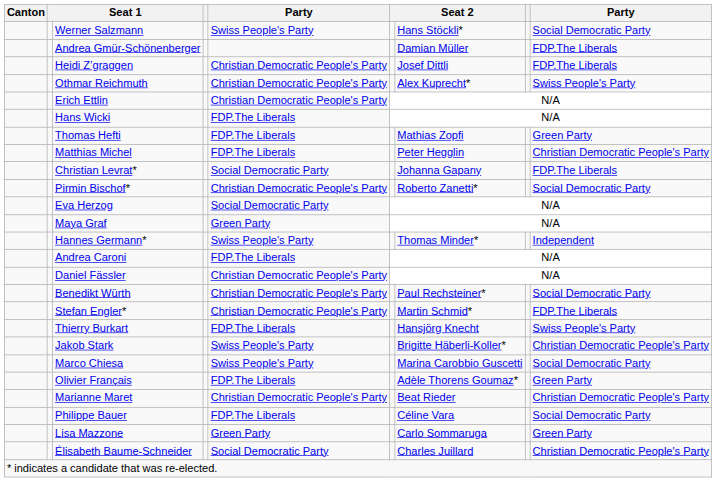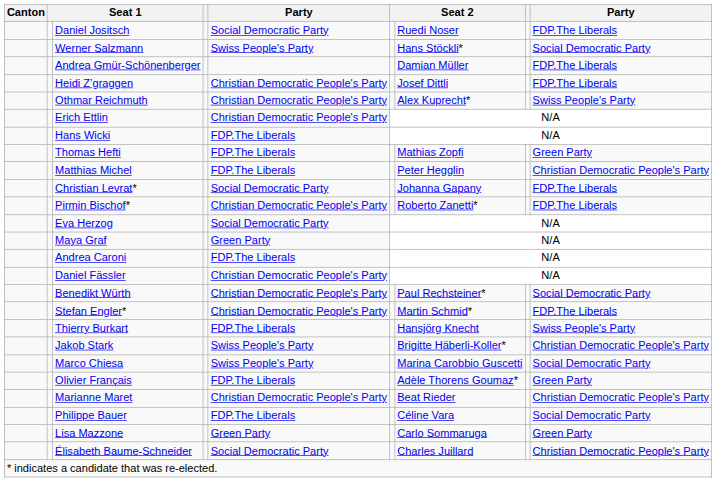 <table class="wikitable sortable">
 <tr>
 <th>Canton</th>
 <th colspan=2>Seat 1</th>
 <th></th>
 <th>Party</th>
 <th colspan=2>Seat 2</th>
 <th></th>
 <th>Party</th>
+</tr>
+<tr>
+<td></td>
+<td style="background-color:"></td>
+<td><a href='#'>Daniel Jositsch</a></td>
+<td></td>
+<td><a href='#'>Social Democratic Party</a></td>
+<td style="background-color:"></td>
+<td><a href='#'>Ruedi Noser</a></td>
+<td></td>
+<td><a href='#'>FDP.The Liberals</a></td>
 </tr>
 <tr>
 <td></td>
 <td style="background-color:"></td>
 <td><a href='#'>Werner Salzmann</a></td>
 <td></td>
 <td><a href='#'>Swiss People's Party</a></td>
 <td style="background-color:"></td>
 <td><a href='#'>Hans Stöckli</a>*</td>
 <td></td>
 <td><a href='#'>Social Democratic Party</a></td>
 </tr>
 <tr>
 <td></td>
 <td style="background-color:"></td>
 <td><a href='#'>Andrea Gmür-Schönenberger</a></td>
 <td></td>
 <td></td>
 <td style="background-color:"></td>
 <td><a href='#'>Damian Müller</a></td>
 <td></td>
 <td><a href='#'>FDP.The Liberals</a></td>
 </tr>
 <tr>
 <td></td>
 <td style="background-color:"></td>
 <td><a href='#'>Heidi Z’graggen</a></td>
 <td></td>
 <td><a href='#'>Christian Democratic People's Party</a></td>
 <td style="background-color:"></td>
 <td><a href='#'>Josef Dittli</a></td>
 <td></td>
 <td><a href='#'>FDP.The Liberals</a></td>
 </tr>
 <tr>
 <td></td>
 <td style="background-color:"></td>
 <td><a href='#'>Othmar Reichmuth</a></td>
 <td></td>
 <td><a href='#'>Christian Democratic People's Party</a></td>
 <td style="background-color:"></td>
 <td><a href='#'>Alex Kuprecht</a>*</td>
 <td></td>
 <td><a href='#'>Swiss People's Party</a></td>
 </tr>
 <tr>
 <td></td>
 <td style="background-color:"></td>
 <td><a href='#'>Erich Ettlin</a></td>
 <td></td>
 <td><a href='#'>Christian Democratic People's Party</a></td>
 <td colspan="4" style="background:white; text-align:center;">N/A</td>
 </tr>
 <tr>
 <td></td>
 <td style="background-color:"></td>
 <td><a href='#'>Hans Wicki</a></td>
 <td></td>
 <td><a href='#'>FDP.The Liberals</a></td>
 <td colspan="4" style="background:white; text-align:center;">N/A</td>
 </tr>
 <tr>
 <td></td>
 <td style="background-color:"></td>
 <td><a href='#'>Thomas Hefti</a></td>
 <td></td>
 <td><a href='#'>FDP.The Liberals</a></td>
 <td style="background-color:"></td>
 <td><a href='#'>Mathias Zopfi</a></td>
 <td></td>
 <td><a href='#'>Green Party</a></td>
 </tr>
 <tr>
 <td></td>
 <td style="background-color:"></td>
 <td><a href='#'>Matthias Michel</a></td>
 <td></td>
 <td><a href='#'>FDP.The Liberals</a></td>
 <td style="background-color:"></td>
 <td><a href='#'>Peter Hegglin</a></td>
 <td></td>
 <td><a href='#'>Christian Democratic People's Party</a></td>
 </tr>
 <tr>
 <td></td>
 <td style="background-color:"></td>
 <td><a href='#'>Christian Levrat</a>*</td>
 <td></td>
 <td><a href='#'>Social Democratic Party</a></td>
 <td style="background-color:"></td>
 <td><a href='#'>Johanna Gapany</a></td>
 <td></td>
 <td><a href='#'>FDP.The Liberals</a></td>
 </tr>
 <tr>
 <td></td>
 <td style="background-color:"></td>
 <td><a href='#'>Pirmin Bischof</a>*</td>
 <td></td>
 <td><a href='#'>Christian Democratic People's Party</a></td>
 <td style="background-color:"></td>
 <td><a href='#'>Roberto Zanetti</a>*</td>
 <td></td>
-<td><a href='#'>Social Democratic Party</a></td>
+<td><a href='#'>FDP.The Liberals</a></td>
 </tr>
 <tr>
 <td></td>
 <td style="background-color:"></td>
 <td><a href='#'>Eva Herzog</a></td>
 <td></td>
 <td><a href='#'>Social Democratic Party</a></td>
 <td colspan="4" style="background:white; text-align:center;">N/A</td>
 </tr>
 <tr>
 <td></td>
 <td style="background-color:"></td>
 <td><a href='#'>Maya Graf</a></td>
 <td></td>
 <td><a href='#'>Green Party</a></td>
 <td colspan="4" style="background:white; text-align:center;">N/A</td>
-</tr>
-<tr>
-<td></td>
-<td style="background-color:"></td>
-<td><a href='#'>Hannes Germann</a>*</td>
-<td></td>
-<td><a href='#'>Swiss People's Party</a></td>
-<td style="background-color:"></td>
-<td><a href='#'>Thomas Minder</a>*</td>
-<td></td>
-<td><a href='#'>Independent</a></td>
 </tr>
 <tr>
 <td></td>
 <td style="background-color:"></td>
 <td><a href='#'>Andrea Caroni</a></td>
 <td></td>
 <td><a href='#'>FDP.The Liberals</a></td>
 <td colspan="4" style="background:white; text-align:center;">N/A</td>
 </tr>
 <tr>
 <td></td>
 <td style="background-color:"></td>
 <td><a href='#'>Daniel Fässler</a></td>
 <td></td>
 <td><a href='#'>Christian Democratic People's Party</a></td>
 <td colspan="4" style="background:white; text-align:center;">N/A</td>
 </tr>
 <tr>
 <td></td>
 <td style="background-color:"></td>
 <td><a href='#'>Benedikt Würth</a></td>
 <td></td>
 <td><a href='#'>Christian Democratic People's Party</a></td>
 <td style="background-color:"></td>
 <td><a href='#'>Paul Rechsteiner</a>*</td>
 <td></td>
 <td><a href='#'>Social Democratic Party</a></td>
 </tr>
 <tr>
 <td></td>
 <td style="background-color:"></td>
 <td><a href='#'>Stefan Engler</a>*</td>
 <td></td>
 <td><a href='#'>Christian Democratic People's Party</a></td>
 <td style="background-color:"></td>
 <td><a href='#'>Martin Schmid</a>*</td>
 <td></td>
 <td><a href='#'>FDP.The Liberals</a></td>
 </tr>
 <tr>
 <td></td>
 <td style="background-color:"></td>
 <td><a href='#'>Thierry Burkart</a></td>
 <td></td>
 <td><a href='#'>FDP.The Liberals</a></td>
 <td style="background-color:"></td>
 <td><a href='#'>Hansjörg Knecht</a></td>
 <td></td>
 <td><a href='#'>Swiss People's Party</a></td>
 </tr>
 <tr>
 <td></td>
 <td style="background-color:"></td>
 <td><a href='#'>Jakob Stark</a></td>
 <td></td>
 <td><a href='#'>Swiss People's Party</a></td>
 <td style="background-color:"></td>
 <td><a href='#'>Brigitte Häberli-Koller</a>*</td>
 <td></td>
 <td><a href='#'>Christian Democratic People's Party</a></td>
 </tr>
 <tr>
 <td></td>
 <td style="background-color:"></td>
 <td><a href='#'>Marco Chiesa</a></td>
 <td></td>
 <td><a href='#'>Swiss People's Party</a></td>
 <td style="background-color:"></td>
 <td><a href='#'>Marina Carobbio Guscetti</a></td>
 <td></td>
 <td><a href='#'>Social Democratic Party</a></td>
 </tr>
 <tr>
 <td></td>
 <td style="background-color:"></td>
 <td><a href='#'>Olivier Français</a></td>
 <td></td>
 <td><a href='#'>FDP.The Liberals</a></td>
 <td style="background-color:"></td>
 <td><a href='#'>Adèle Thorens Goumaz</a>*</td>
 <td></td>
 <td><a href='#'>Green Party</a></td>
 </tr>
 <tr>
 <td></td>
 <td style="background-color:"></td>
 <td><a href='#'>Marianne Maret</a></td>
 <td></td>
 <td><a href='#'>Christian Democratic People's Party</a></td>
 <td style="background-color:"></td>
 <td><a href='#'>Beat Rieder</a></td>
 <td></td>
 <td><a href='#'>Christian Democratic People's Party</a></td>
 </tr>
 <tr>
 <td></td>
 <td style="background-color:"></td>
 <td><a href='#'>Philippe Bauer</a></td>
 <td></td>
 <td><a href='#'>FDP.The Liberals</a></td>
 <td style="background-color:"></td>
 <td><a href='#'>Céline Vara</a></td>
 <td></td>
 <td><a href='#'>Social Democratic Party</a></td>
 </tr>
 <tr>
 <td></td>
 <td style="background-color:"></td>
 <td><a href='#'>Lisa Mazzone</a></td>
 <td></td>
 <td><a href='#'>Green Party</a></td>
 <td style="background-color:"></td>
 <td><a href='#'>Carlo Sommaruga</a></td>
 <td></td>
 <td><a href='#'>Green Party</a></td>
 </tr>
 <tr>
 <td></td>
 <td style="background-color:"></td>
 <td><a href='#'>Élisabeth Baume-Schneider</a></td>
 <td></td>
 <td><a href='#'>Social Democratic Party</a></td>
 <td style="background-color:"></td>
 <td><a href='#'>Charles Juillard</a></td>
 <td></td>
 <td><a href='#'>Christian Democratic People's Party</a></td>
 </tr>
 <tr>
 <td colspan=9>* indicates a candidate that was re-elected.</td>
 </tr>
 </table>
